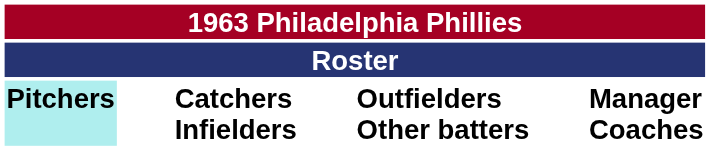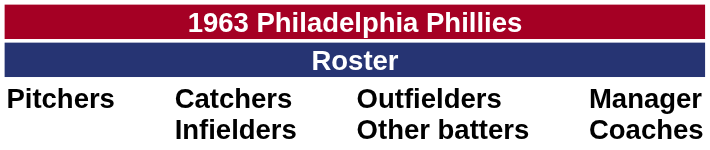 <table class="toccolours" style="font-size: 95%;">
 <tr>
 <th colspan="10" style="background-color: #A50024; color: white; text-align: center;">1963 Philadelphia Phillies</th>
 </tr>
 <tr>
 <td colspan="10" style="background-color: #263473; color: white; text-align: center;"><strong>Roster</strong></td>
 </tr>
 <tr>
-<td valign="top" style="background: paleturquoise;"><strong>Pitchers</strong><br>             </td>
+<td valign="top"><strong>Pitchers</strong><br>             </td>
 <td width="25px"></td>
 <td valign="top"><strong>Catchers</strong><br>   <strong>Infielders</strong>         </td>
 <td width="25px"></td>
 <td valign="top"><strong>Outfielders</strong><br>        <strong>Other batters</strong> </td>
 <td width="25px"></td>
 <td valign="top"><strong>Manager</strong><br> <strong>Coaches</strong>   </td>
 </tr>
 <tr>
 </tr>
 </table>
